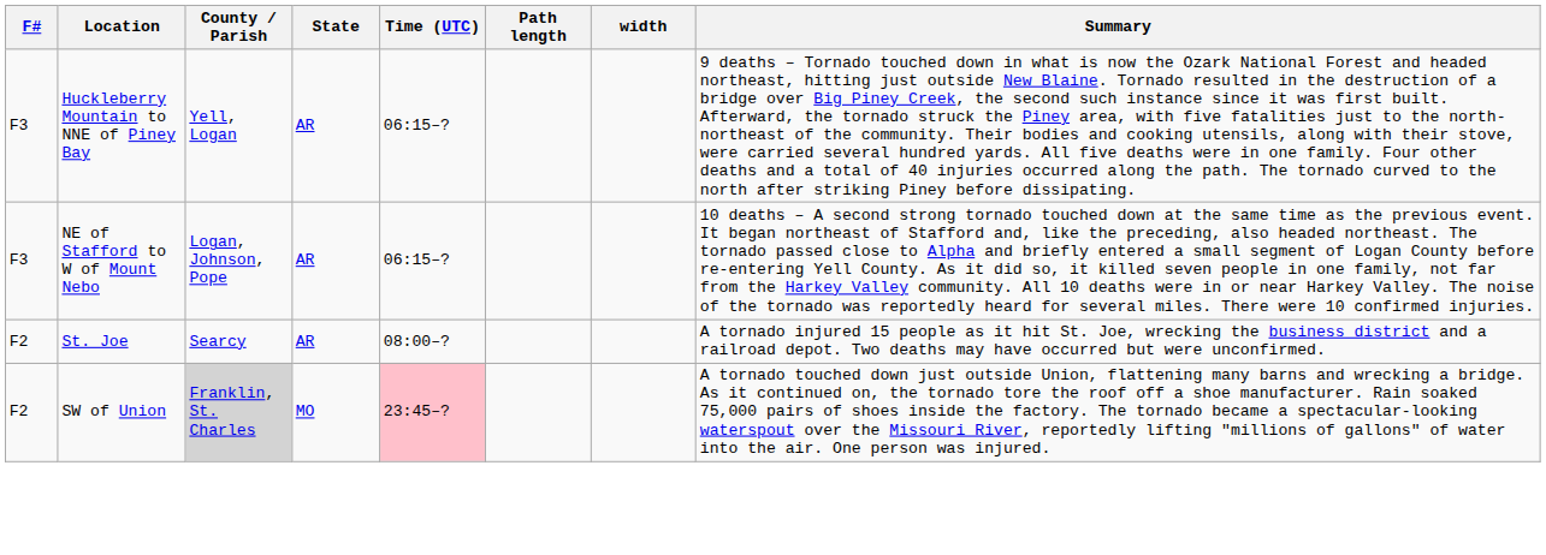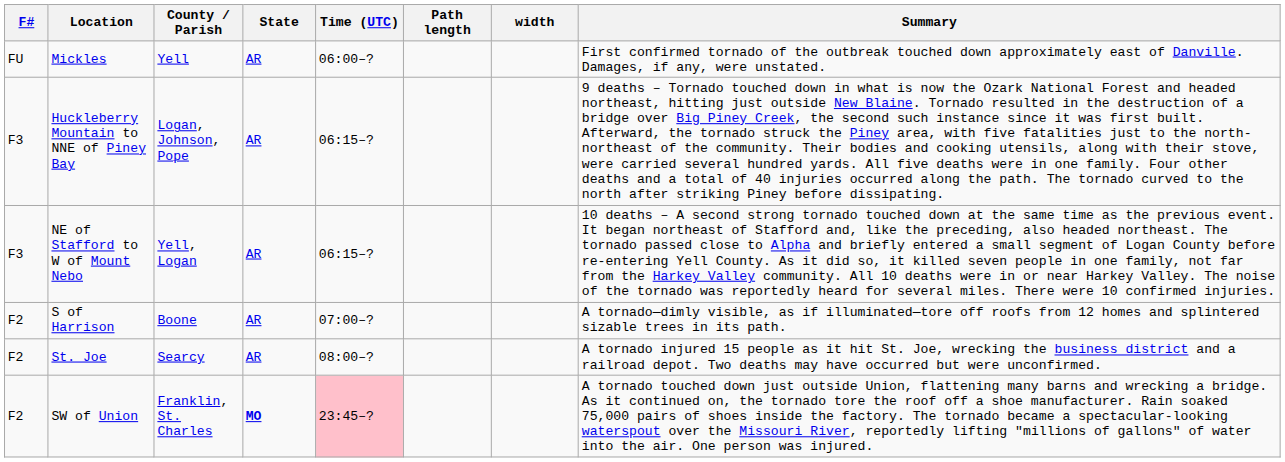 <table class="wikitable sortable" style="width:100%;">
 <tr>
 <th scope="col"  style="width:3%; text-align:center;"><a href='#'>F#</a></th>
 <th scope="col"  style="width:7%; text-align:center;" class="unsortable">Location</th>
 <th scope="col"  style="width:6%; text-align:center;" class="unsortable">County / Parish</th>
 <th scope="col"  style="width:5%; text-align:center;">State</th>
 <th scope="col"  style="width:6%; text-align:center;">Time (<a href='#'>UTC</a>)</th>
 <th scope="col"  style="width:6%; text-align:center;">Path length</th>
 <th scope="col"  style="width:6%; text-align:center;"> width</th>
 <th scope="col" class="unsortable" style="width:48%; text-align:center;">Summary</th>
 </tr>
 <tr>
+<td>FU</td>
+<td><a href='#'>Mickles</a></td>
+<td><a href='#'>Yell</a></td>
+<td><a href='#'>AR</a></td>
+<td>06:00–?</td>
+<td></td>
+<td></td>
+<td>First confirmed tornado of the outbreak touched down approximately  east of <a href='#'>Danville</a>. Damages, if any, were unstated.</td>
+</tr>
+<tr>
 <td>F3</td>
 <td><a href='#'>Huckleberry Mountain</a> to NNE of <a href='#'>Piney Bay</a></td>
-<td><a href='#'>Yell</a>, <a href='#'>Logan</a></td>
+<td><a href='#'>Logan</a>, <a href='#'>Johnson</a>, <a href='#'>Pope</a></td>
 <td><a href='#'>AR</a></td>
 <td>06:15–?</td>
 <td></td>
 <td></td>
 <td>9 deaths – Tornado touched down in what is now the Ozark National Forest and headed northeast, hitting just outside <a href='#'>New Blaine</a>. Tornado resulted in the destruction of a bridge over <a href='#'>Big Piney Creek</a>, the second such instance since it was first built. Afterward, the tornado struck the <a href='#'>Piney</a> area, with five fatalities just to the north-northeast of the community. Their bodies and cooking utensils, along with their stove, were carried several hundred yards. All five deaths were in one family. Four other deaths and a total of 40 injuries occurred along the path. The tornado curved to the north after striking Piney before dissipating.</td>
 </tr>
 <tr>
 <td>F3</td>
 <td>NE of <a href='#'>Stafford</a> to W of <a href='#'>Mount Nebo</a></td>
-<td><a href='#'>Logan</a>, <a href='#'>Johnson</a>, <a href='#'>Pope</a></td>
+<td><a href='#'>Yell</a>, <a href='#'>Logan</a></td>
 <td><a href='#'>AR</a></td>
 <td>06:15–?</td>
 <td></td>
 <td></td>
 <td>10 deaths – A second strong tornado touched down at the same time as the previous event. It began northeast of Stafford and, like the preceding, also headed northeast. The tornado passed close to <a href='#'>Alpha</a> and briefly entered a small segment of Logan County before re-entering Yell County. As it did so, it killed seven people in one family, not far from the <a href='#'>Harkey Valley</a> community. All 10 deaths were in or near Harkey Valley. The noise of the tornado was reportedly heard for several miles. There were 10 confirmed injuries.</td>
+</tr>
+<tr>
+<td>F2</td>
+<td>S of <a href='#'>Harrison</a></td>
+<td><a href='#'>Boone</a></td>
+<td><a href='#'>AR</a></td>
+<td>07:00–?</td>
+<td></td>
+<td></td>
+<td>A tornado—dimly visible, as if illuminated—tore off roofs from 12 homes and splintered sizable trees in its path.</td>
 </tr>
 <tr>
 <td>F2</td>
 <td><a href='#'>St. Joe</a></td>
 <td><a href='#'>Searcy</a></td>
 <td><a href='#'>AR</a></td>
 <td>08:00–?</td>
 <td></td>
 <td></td>
 <td>A tornado injured 15 people as it hit St. Joe, wrecking the <a href='#'>business district</a> and a railroad depot. Two deaths may have occurred but were unconfirmed.</td>
 </tr>
 <tr>
 <td>F2</td>
 <td>SW of <a href='#'>Union</a></td>
-<td style="background: lightgrey;"><a href='#'>Franklin</a>, <a href='#'>St. Charles</a></td>
-<td><a href='#'>MO</a></td>
+<td><a href='#'>Franklin</a>, <a href='#'>St. Charles</a></td>
+<td><strong><a href='#'>MO</a></strong></td>
 <td style="background: pink;">23:45–?</td>
 <td></td>
 <td></td>
 <td>A tornado touched down just outside Union, flattening many barns and wrecking a bridge. As it continued on, the tornado tore the roof off a shoe manufacturer. Rain soaked 75,000 pairs of shoes inside the factory. The tornado became a spectacular-looking <a href='#'>waterspout</a> over the <a href='#'>Missouri River</a>, reportedly lifting "millions of gallons" of water into the air. One person was injured.</td>
 </tr>
 </table>
